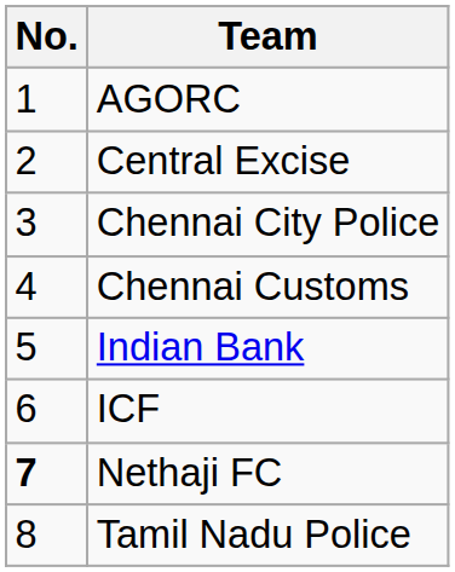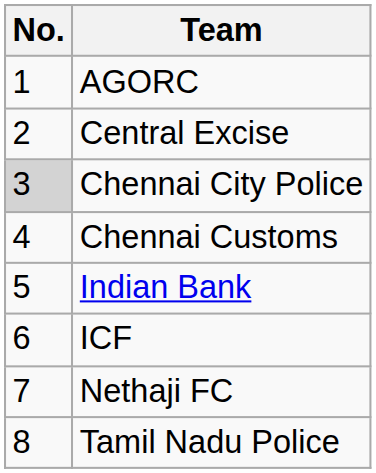 <table class="wikitable">
 <tr>
 <th>No.</th>
 <th>Team</th>
 </tr>
 <tr>
 <td>1</td>
 <td>AGORC</td>
 </tr>
 <tr>
 <td>2</td>
 <td>Central Excise</td>
 </tr>
 <tr>
-<td>3</td>
+<td style="background: lightgrey;">3</td>
 <td>Chennai City Police</td>
 </tr>
 <tr>
 <td>4</td>
 <td>Chennai Customs</td>
 </tr>
 <tr>
 <td>5</td>
 <td><a href='#'>Indian Bank</a></td>
 </tr>
 <tr>
 <td>6</td>
 <td>ICF</td>
 </tr>
 <tr>
-<td><strong>7</strong></td>
+<td>7</td>
 <td>Nethaji FC</td>
 </tr>
 <tr>
 <td>8</td>
 <td>Tamil Nadu Police</td>
 </tr>
 </table>
